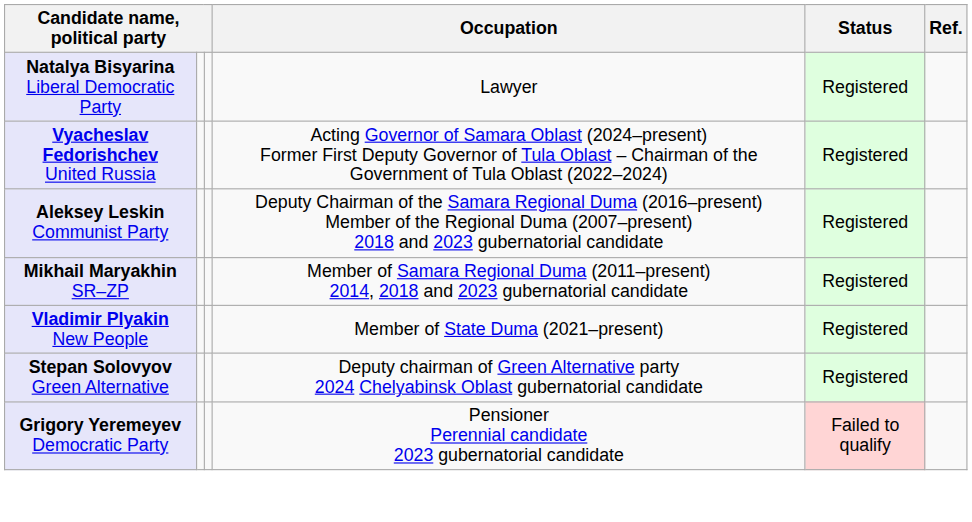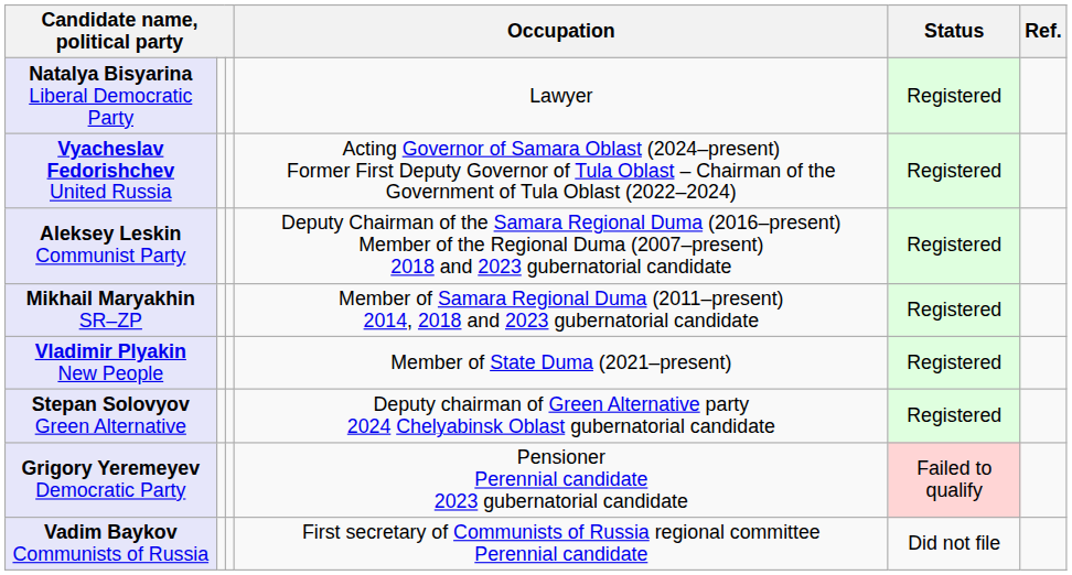 <table class="wikitable" style="text-align:center;">
 <tr>
 <th colspan="3">Candidate name,<br>political party</th>
 <th>Occupation</th>
 <th>Status</th>
 <th>Ref.</th>
 </tr>
 <tr>
 <td style="background:lavender;"><strong>Natalya Bisyarina</strong><br><a href='#'>Liberal Democratic Party</a></td>
 <td style="background-color:"></td>
 <td></td>
 <td>Lawyer</td>
 <td bgcolor="#DFFFDF">Registered</td>
 <td></td>
 </tr>
 <tr>
 <td style="background:lavender;"><strong><a href='#'>Vyacheslav Fedorishchev</a></strong><br><a href='#'>United Russia</a></td>
 <td style="background-color:"></td>
 <td></td>
 <td>Acting <a href='#'>Governor of Samara Oblast</a> (2024–present)<br>Former First Deputy Governor of <a href='#'>Tula Oblast</a> – Chairman of the Government of Tula Oblast (2022–2024)</td>
 <td bgcolor="#DFFFDF">Registered</td>
 <td></td>
 </tr>
 <tr>
 <td style="background:lavender;"><strong>Aleksey Leskin</strong><br><a href='#'>Communist Party</a></td>
 <td style="background-color:"></td>
 <td></td>
 <td>Deputy Chairman of the <a href='#'>Samara Regional Duma</a> (2016–present)<br>Member of the Regional Duma (2007–present)<br><a href='#'>2018</a> and <a href='#'>2023</a> gubernatorial candidate</td>
 <td bgcolor="#DFFFDF">Registered</td>
 <td></td>
 </tr>
 <tr>
 <td style="background:lavender;"><strong>Mikhail Maryakhin</strong><br><a href='#'>SR–ZP</a></td>
 <td style="background-color:"></td>
 <td></td>
 <td>Member of <a href='#'>Samara Regional Duma</a> (2011–present)<br><a href='#'>2014</a>, <a href='#'>2018</a> and <a href='#'>2023</a> gubernatorial candidate</td>
 <td bgcolor="#DFFFDF">Registered</td>
 <td></td>
 </tr>
 <tr>
 <td style="background:lavender;"><strong><a href='#'>Vladimir Plyakin</a></strong><br><a href='#'>New People</a></td>
 <td style="background-color:"></td>
 <td></td>
 <td>Member of <a href='#'>State Duma</a> (2021–present)</td>
 <td bgcolor="#DFFFDF">Registered</td>
 <td></td>
 </tr>
 <tr>
 <td style="background:lavender;"><strong>Stepan Solovyov</strong><br><a href='#'>Green Alternative</a></td>
 <td style="background-color:"></td>
 <td></td>
 <td>Deputy chairman of <a href='#'>Green Alternative</a> party<br><a href='#'>2024</a> <a href='#'>Chelyabinsk Oblast</a> gubernatorial candidate</td>
 <td bgcolor="#DFFFDF">Registered</td>
 <td></td>
 </tr>
 <tr>
 <td style="background:lavender;"><strong>Grigory Yeremeyev</strong><br><a href='#'>Democratic Party</a></td>
 <td style="background-color:"></td>
 <td></td>
 <td>Pensioner<br><a href='#'>Perennial candidate</a><br><a href='#'>2023</a> gubernatorial candidate</td>
 <td bgcolor="#FFD5D5">Failed to qualify</td>
 <td></td>
 </tr>
+<tr>
+<td style="background:lavender;"><strong>Vadim Baykov</strong><br><a href='#'>Communists of Russia</a></td>
+<td style="background-color:"></td>
+<td></td>
+<td>First secretary of <a href='#'>Communists of Russia</a> regional committee<br><a href='#'>Perennial candidate</a></td>
+<td>Did not file</td>
+<td></td>
+</tr>
 </table>
